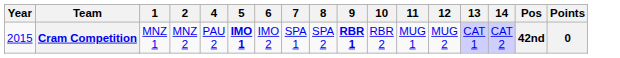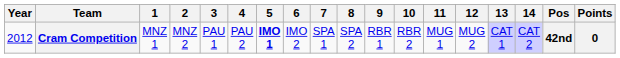 <table class="wikitable" style="text-align:center; font-size:85%">
 <tr>
 <th>Year</th>
 <th>Team</th>
 <th>1</th>
 <th>2</th>
+<th>3</th>
 <th>4</th>
 <th>5</th>
 <th>6</th>
 <th>7</th>
 <th>8</th>
 <th>9</th>
 <th>10</th>
 <th>11</th>
 <th>12</th>
 <th>13</th>
 <th>14</th>
 <th>Pos</th>
 <th>Points</th>
 </tr>
 <tr>
-<td><a href='#'>2015</a></td>
+<td><a href='#'>2012</a></td>
 <th nowrap><a href='#'>Cram Competition</a></th>
 <td style="background:#;"><a href='#'>MNZ<br>1</a><br></td>
 <td style="background:#;"><a href='#'>MNZ<br>2</a><br></td>
+<td style="background:#;"><a href='#'>PAU<br>1</a><br></td>
 <td style="background:#;"><a href='#'>PAU<br>2</a><br></td>
 <td style="background:#;"><strong><a href='#'>IMO<br>1</a><br></strong></td>
 <td style="background:#;"><a href='#'>IMO<br>2</a><br></td>
 <td style="background:#;"><a href='#'>SPA<br>1</a><br></td>
 <td style="background:#;"><a href='#'>SPA<br>2</a><br></td>
-<td style="background:#;"><strong><a href='#'>RBR<br>1</a><br></strong></td>
+<td style="background:#;"><a href='#'>RBR<br>1</a><br></td>
 <td style="background:#;"><a href='#'>RBR<br>2</a><br></td>
 <td style="background:#;"><a href='#'>MUG<br>1</a><br></td>
 <td style="background:#;"><a href='#'>MUG<br>2</a><br></td>
 <td style="background:#CFCFFF;"><a href='#'>CAT<br>1</a><br></td>
 <td style="background:#CFCFFF;"><a href='#'>CAT<br>2</a><br></td>
 <th>42nd</th>
 <th>0</th>
 </tr>
 </table>
